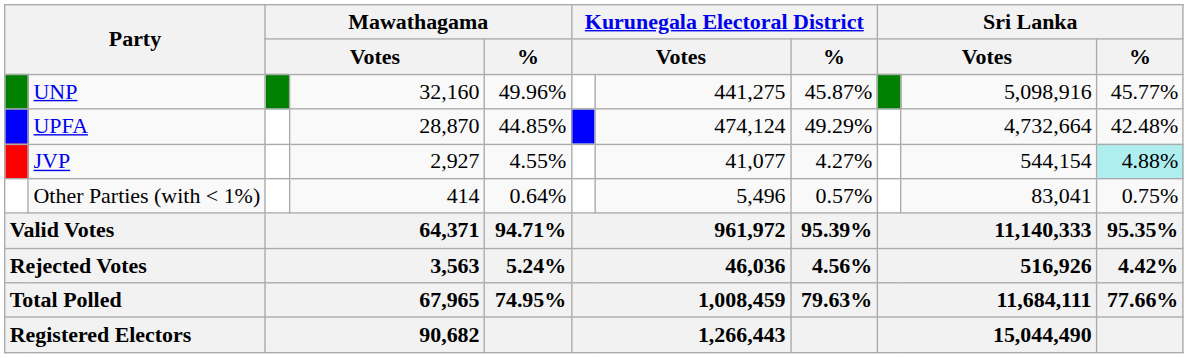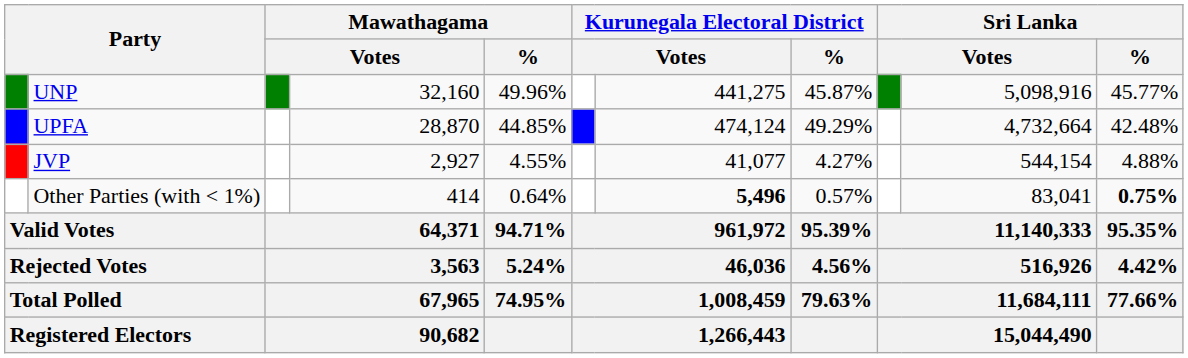 <table class="wikitable">
 <tr>
 <th colspan="2" width="144px"rowspan="2">Party</th>
 <th colspan="3" width="216px">Mawathagama</th>
 <th colspan="3" width="216px"><a href='#'>Kurunegala Electoral District</a></th>
 <th colspan="3" width="216px">Sri Lanka</th>
 </tr>
 <tr>
 <th colspan="2" width="144px">Votes</th>
 <th>%</th>
 <th colspan="2" width="144px">Votes</th>
 <th>%</th>
 <th colspan="2" width="144px">Votes</th>
 <th>%</th>
 </tr>
 <tr>
 <td style="background-color:green;" width="10px"></td>
 <td style="text-align:left;"><a href='#'>UNP</a></td>
 <td style="background-color:green;" width="10px"></td>
 <td style="text-align:right;">32,160</td>
 <td style="text-align:right;">49.96%</td>
 <td style="background-color:white;" width="10px"></td>
 <td style="text-align:right;">441,275</td>
 <td style="text-align:right;">45.87%</td>
 <td style="background-color:green;" width="10px"></td>
 <td style="text-align:right;">5,098,916</td>
 <td style="text-align:right;">45.77%</td>
 </tr>
 <tr>
 <td style="background-color:blue;" width="10px"></td>
 <td style="text-align:left;"><a href='#'>UPFA</a></td>
 <td style="background-color:white;" width="10px"></td>
 <td style="text-align:right;">28,870</td>
 <td style="text-align:right;">44.85%</td>
 <td style="background-color:blue;" width="10px"></td>
 <td style="text-align:right;">474,124</td>
 <td style="text-align:right;">49.29%</td>
 <td style="background-color:white;" width="10px"></td>
 <td style="text-align:right;">4,732,664</td>
 <td style="text-align:right;">42.48%</td>
 </tr>
 <tr>
 <td style="background-color:red;" width="10px"></td>
 <td style="text-align:left;"><a href='#'>JVP</a></td>
 <td style="background-color:white;" width="10px"></td>
 <td style="text-align:right;">2,927</td>
 <td style="text-align:right;">4.55%</td>
 <td style="background-color:white;" width="10px"></td>
 <td style="text-align:right;">41,077</td>
 <td style="text-align:right;">4.27%</td>
 <td style="background-color:white;" width="10px"></td>
 <td style="text-align:right;">544,154</td>
-<td style="background: paleturquoise; text-align:right;">4.88%</td>
+<td style="text-align:right;">4.88%</td>
 </tr>
 <tr>
 <td style="background-color:white;" width="10px"></td>
 <td style="text-align:left;">Other Parties (with < 1%)</td>
 <td style="background-color:white;" width="10px"></td>
 <td style="text-align:right;">414</td>
 <td style="text-align:right;">0.64%</td>
 <td style="background-color:white;" width="10px"></td>
-<td style="text-align:right;">5,496</td>
+<td style="text-align:right;"><strong>5,496</strong></td>
 <td style="text-align:right;">0.57%</td>
 <td style="background-color:white;" width="10px"></td>
 <td style="text-align:right;">83,041</td>
-<td style="text-align:right;">0.75%</td>
+<td style="text-align:right;"><strong>0.75%</strong></td>
 </tr>
 <tr>
 <th colspan="2" width="144px"style="text-align:left;">Valid Votes</th>
 <th style="text-align:right;"colspan="2" width="144px">64,371</th>
 <th style="text-align:right;">94.71%</th>
 <th style="text-align:right;"colspan="2" width="144px">961,972</th>
 <th style="text-align:right;">95.39%</th>
 <th style="text-align:right;"colspan="2" width="144px">11,140,333</th>
 <th style="text-align:right;">95.35%</th>
 </tr>
 <tr>
 <th colspan="2" width="144px"style="text-align:left;">Rejected Votes</th>
 <th style="text-align:right;"colspan="2" width="144px">3,563</th>
 <th style="text-align:right;">5.24%</th>
 <th style="text-align:right;"colspan="2" width="144px">46,036</th>
 <th style="text-align:right;">4.56%</th>
 <th style="text-align:right;"colspan="2" width="144px">516,926</th>
 <th style="text-align:right;">4.42%</th>
 </tr>
 <tr>
 <th colspan="2" width="144px"style="text-align:left;">Total Polled</th>
 <th style="text-align:right;"colspan="2" width="144px">67,965</th>
 <th style="text-align:right;">74.95%</th>
 <th style="text-align:right;"colspan="2" width="144px">1,008,459</th>
 <th style="text-align:right;">79.63%</th>
 <th style="text-align:right;"colspan="2" width="144px">11,684,111</th>
 <th style="text-align:right;">77.66%</th>
 </tr>
 <tr>
 <th colspan="2" width="144px"style="text-align:left;">Registered Electors</th>
 <th style="text-align:right;"colspan="2" width="144px">90,682</th>
 <th></th>
 <th style="text-align:right;"colspan="2" width="144px">1,266,443</th>
 <th></th>
 <th style="text-align:right;"colspan="2" width="144px">15,044,490</th>
 <th></th>
 </tr>
 </table>
